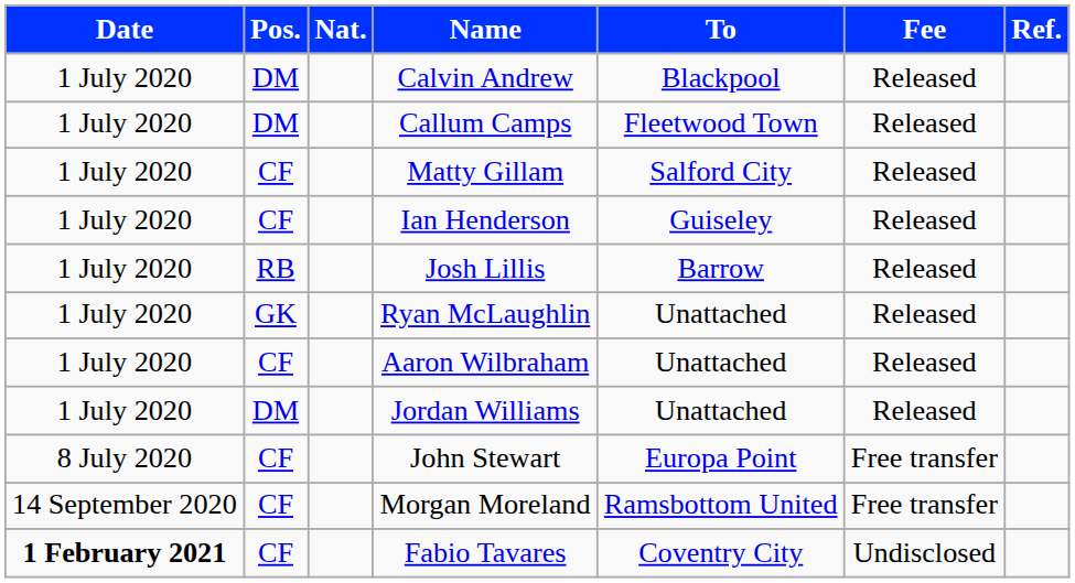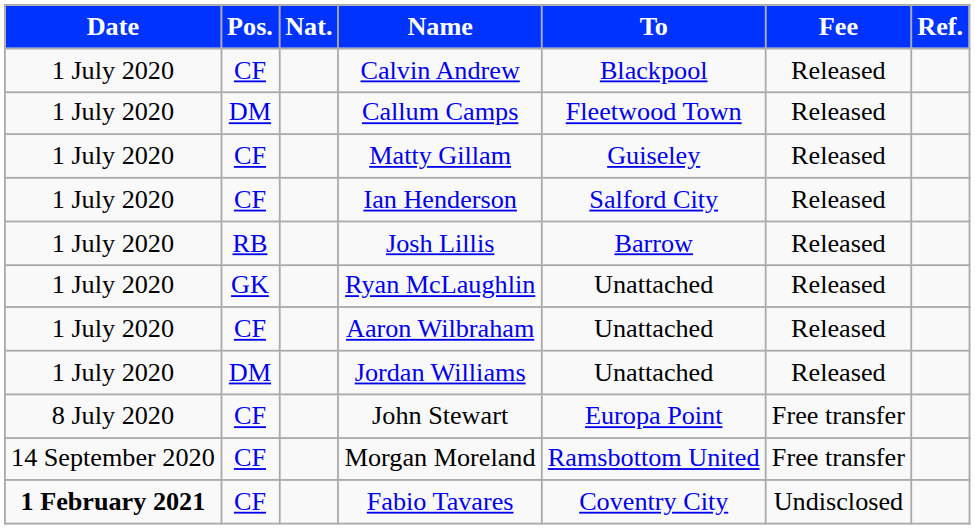 <table class="wikitable"  style="text-align:center; font-size:90%; ">
 <tr>
 <th style="background:#03f;color:#fff;">Date</th>
 <th style="background:#03f;color:#fff;">Pos.</th>
 <th style="background:#03f;color:#fff;">Nat.</th>
 <th style="background:#03f;color:#fff;">Name</th>
 <th style="background:#03f;color:#fff;">To</th>
 <th style="background:#03f;color:#fff;">Fee</th>
 <th style="background:#03f;color:#fff;">Ref.</th>
 </tr>
 <tr>
 <td>1 July 2020</td>
-<td><a href='#'>DM</a></td>
+<td><a href='#'>CF</a></td>
 <td></td>
 <td><a href='#'>Calvin Andrew</a></td>
 <td> <a href='#'>Blackpool</a></td>
 <td>Released</td>
 <td></td>
 </tr>
 <tr>
 <td>1 July 2020</td>
 <td><a href='#'>DM</a></td>
 <td></td>
 <td><a href='#'>Callum Camps</a></td>
 <td> <a href='#'>Fleetwood Town</a></td>
 <td>Released</td>
 <td></td>
 </tr>
 <tr>
 <td>1 July 2020</td>
 <td><a href='#'>CF</a></td>
 <td></td>
 <td><a href='#'>Matty Gillam</a></td>
-<td> <a href='#'>Salford City</a></td>
+<td> <a href='#'>Guiseley</a></td>
 <td>Released</td>
 <td></td>
 </tr>
 <tr>
 <td>1 July 2020</td>
 <td><a href='#'>CF</a></td>
 <td></td>
 <td><a href='#'>Ian Henderson</a></td>
-<td> <a href='#'>Guiseley</a></td>
+<td> <a href='#'>Salford City</a></td>
 <td>Released</td>
 <td></td>
 </tr>
 <tr>
 <td>1 July 2020</td>
 <td><a href='#'>RB</a></td>
 <td></td>
 <td><a href='#'>Josh Lillis</a></td>
 <td> <a href='#'>Barrow</a></td>
 <td>Released</td>
 <td></td>
 </tr>
 <tr>
 <td>1 July 2020</td>
 <td><a href='#'>GK</a></td>
 <td></td>
 <td><a href='#'>Ryan McLaughlin</a></td>
 <td> Unattached</td>
 <td>Released</td>
 <td></td>
 </tr>
 <tr>
 <td>1 July 2020</td>
 <td><a href='#'>CF</a></td>
 <td></td>
 <td><a href='#'>Aaron Wilbraham</a></td>
 <td> Unattached</td>
 <td>Released</td>
 <td></td>
 </tr>
 <tr>
 <td>1 July 2020</td>
 <td><a href='#'>DM</a></td>
 <td></td>
 <td><a href='#'>Jordan Williams</a></td>
 <td> Unattached</td>
 <td>Released</td>
 <td></td>
 </tr>
 <tr>
 <td>8 July 2020</td>
 <td><a href='#'>CF</a></td>
 <td></td>
 <td>John Stewart</td>
 <td> <a href='#'>Europa Point</a></td>
 <td>Free transfer</td>
 <td></td>
 </tr>
 <tr>
 <td>14 September 2020</td>
 <td><a href='#'>CF</a></td>
 <td></td>
 <td>Morgan Moreland</td>
 <td> <a href='#'>Ramsbottom United</a></td>
 <td>Free transfer</td>
 <td></td>
 </tr>
 <tr>
 <td><strong>1 February 2021</strong></td>
 <td><a href='#'>CF</a></td>
 <td></td>
 <td><a href='#'>Fabio Tavares</a></td>
 <td> <a href='#'>Coventry City</a></td>
 <td>Undisclosed</td>
 <td></td>
 </tr>
 </table>
